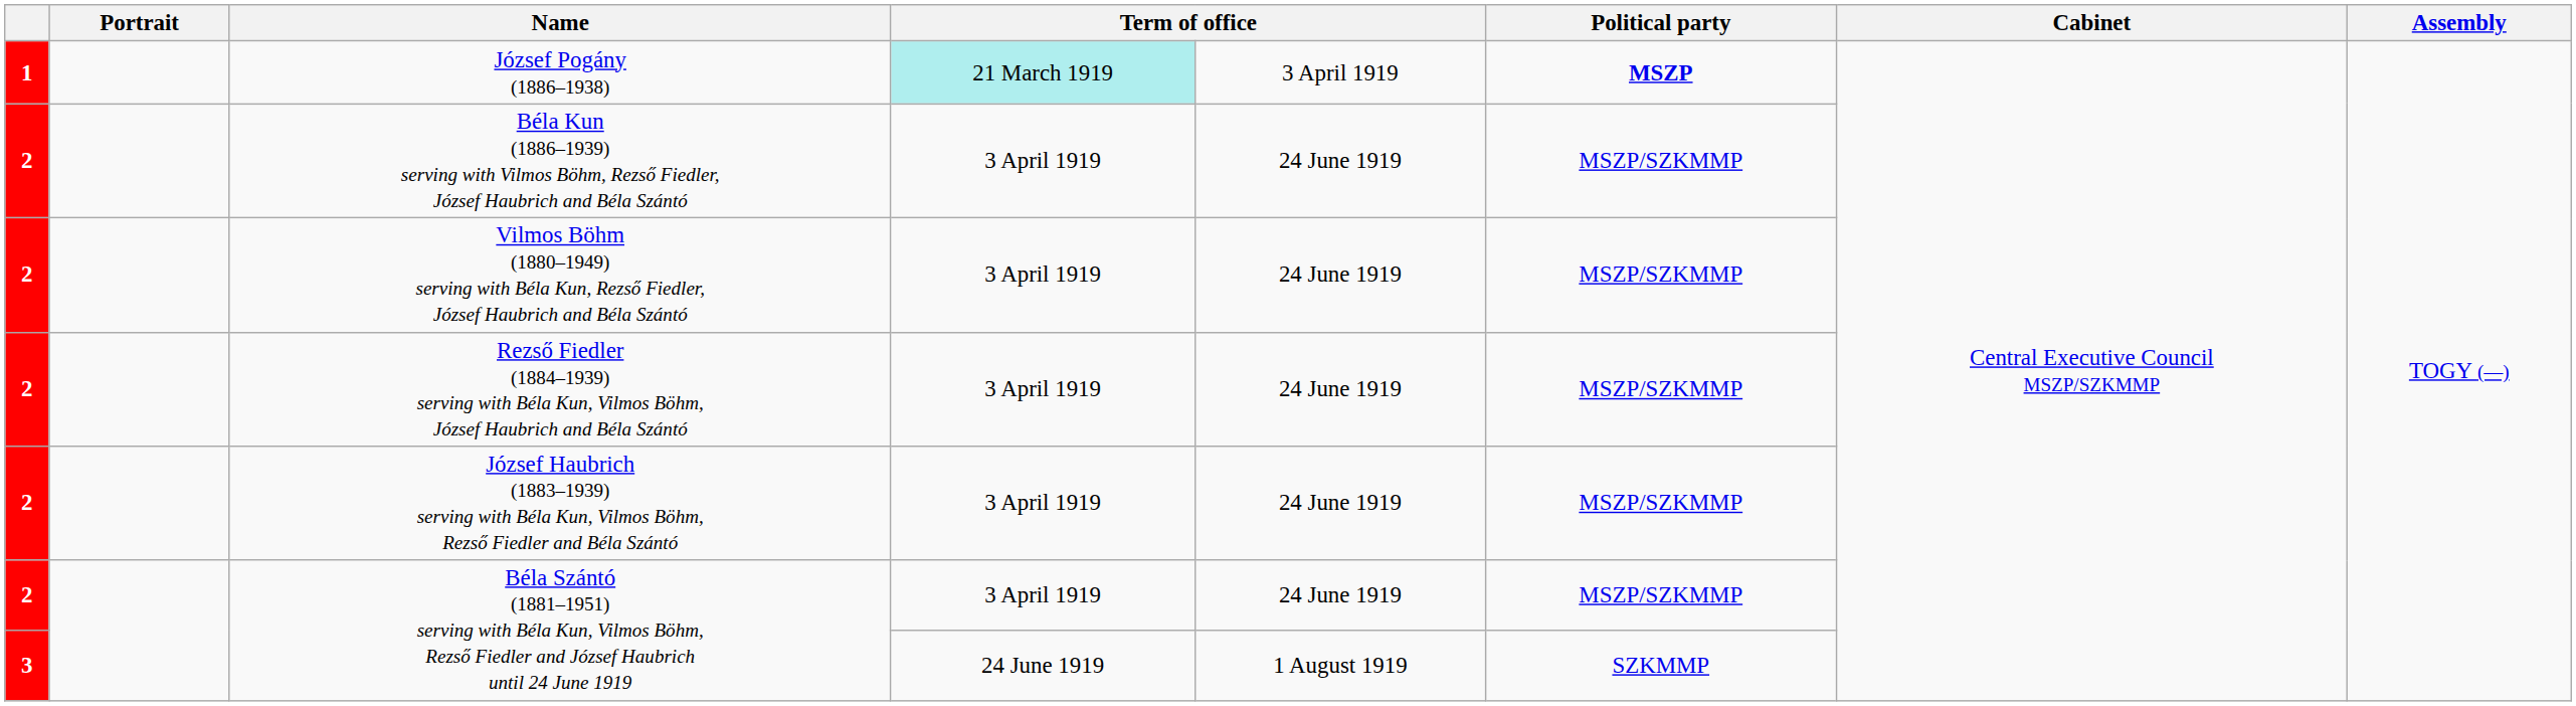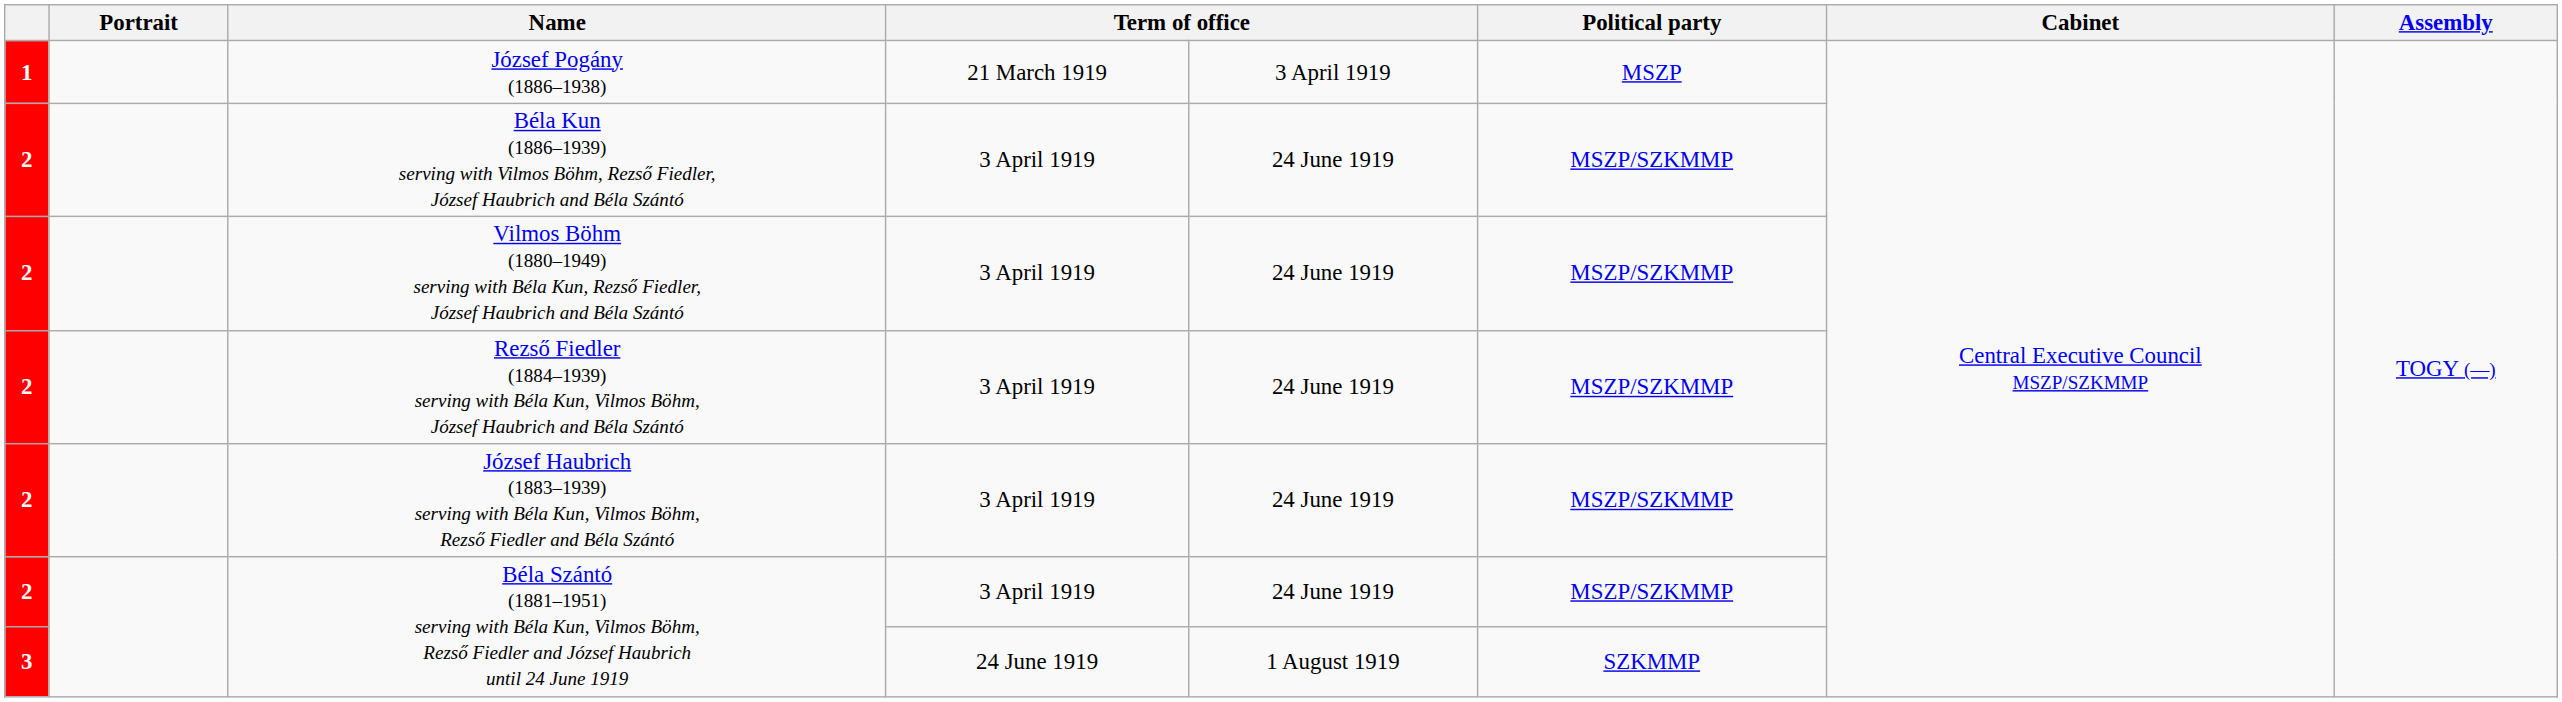 <table class="wikitable" style="width:90%; text-align:center;">
 <tr>
 <th></th>
 <th>Portrait</th>
 <th>Name<br></th>
 <th colspan=2>Term of office</th>
 <th>Political party</th>
 <th>Cabinet</th>
 <th><a href='#'>Assembly</a><br></th>
 </tr>
 <tr>
 <th style="background-color:Red; color:white">1</th>
 <td></td>
 <td><a href='#'>József Pogány</a><br><small>(1886–1938)</small></td>
-<td style="background: paleturquoise;">21 March 1919</td>
+<td>21 March 1919</td>
 <td>3 April 1919</td>
-<td><strong><a href='#'>MSZP</a></strong></td>
+<td><a href='#'>MSZP</a></td>
 <td rowspan="7"><a href='#'>Central Executive Council</a><br><small><a href='#'>MSZP/SZKMMP</a></small></td>
 <td rowspan="7"><a href='#'>TOGY <small>(—)</small></a></td>
 </tr>
 <tr>
 <th style="background-color:Red; color:white">2</th>
 <td></td>
 <td><a href='#'>Béla Kun</a><br><small>(1886–1939)<br><em>serving with Vilmos Böhm, Rezső Fiedler,<br>József Haubrich and Béla Szántó</em></small></td>
 <td>3 April 1919</td>
 <td>24 June 1919</td>
 <td><a href='#'>MSZP/SZKMMP</a></td>
 </tr>
 <tr>
 <th style="background-color:Red; color:white">2</th>
 <td></td>
 <td><a href='#'>Vilmos Böhm</a><br><small>(1880–1949)<br><em>serving with Béla Kun, Rezső Fiedler,<br>József Haubrich and Béla Szántó</em></small></td>
 <td>3 April 1919</td>
 <td>24 June 1919</td>
 <td><a href='#'>MSZP/SZKMMP</a></td>
 </tr>
 <tr>
 <th style="background-color:Red; color:white">2</th>
 <td></td>
 <td><a href='#'>Rezső Fiedler</a><br><small>(1884–1939)<br><em>serving with Béla Kun, Vilmos Böhm,<br>József Haubrich and Béla Szántó</em></small></td>
 <td>3 April 1919</td>
 <td>24 June 1919</td>
 <td><a href='#'>MSZP/SZKMMP</a></td>
 </tr>
 <tr>
 <th style="background-color:Red; color:white">2</th>
 <td></td>
 <td><a href='#'>József Haubrich</a><br><small>(1883–1939)<br><em>serving with Béla Kun, Vilmos Böhm,<br>Rezső Fiedler and Béla Szántó</em></small></td>
 <td>3 April 1919</td>
 <td>24 June 1919</td>
 <td><a href='#'>MSZP/SZKMMP</a></td>
 </tr>
 <tr>
 <th style="background-color:Red; color:white">2</th>
 <td rowspan="2"></td>
 <td rowspan="2"><a href='#'>Béla Szántó</a><br><small>(1881–1951)<br><em>serving with Béla Kun, Vilmos Böhm,<br>Rezső Fiedler and József Haubrich<br>until 24 June 1919</em></small></td>
 <td>3 April 1919</td>
 <td>24 June 1919</td>
 <td><a href='#'>MSZP/SZKMMP</a></td>
 </tr>
 <tr>
 <th style="background-color:Red; color:white">3</th>
 <td>24 June 1919</td>
 <td>1 August 1919</td>
 <td><a href='#'>SZKMMP</a></td>
 </tr>
 </table>
